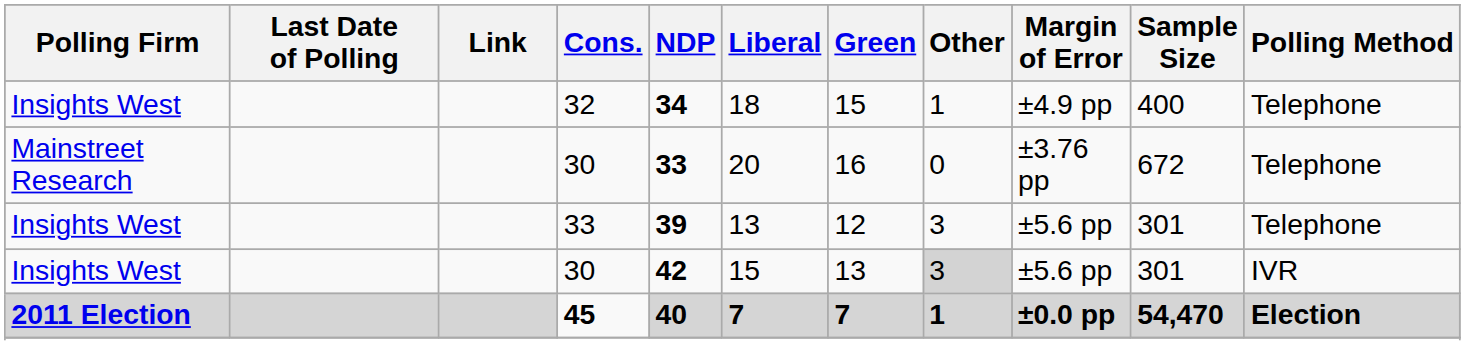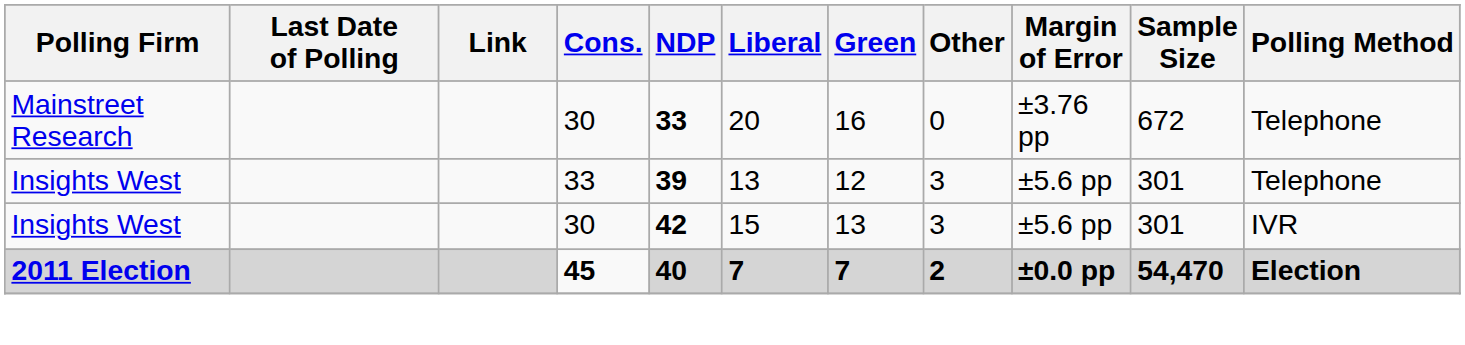 <table class="wikitable sortable">
 <tr style="background:#e9e9e9;">
 <th style="width:120px">Polling Firm</th>
 <th style="width:110px">Last Date<br>of Polling</th>
 <th style="width:60px" class="unsortable">Link</th>
 <th style="background-color:"><strong><a href='#'>Cons.</a></strong></th>
 <th style="background-color:"><strong><a href='#'>NDP</a></strong></th>
 <th style="background-color:"><strong><a href='#'>Liberal</a></strong></th>
 <th style="background-color:"><strong><a href='#'>Green</a></strong></th>
 <th style="background-color:"><strong>Other</strong></th>
 <th style="width:60px;" class=unsortable>Margin<br>of Error</th>
 <th style="width:50px;" class=unsortable>Sample<br>Size</th>
 <th class=unsortable>Polling Method</th>
-</tr>
-<tr>
-<td><a href='#'>Insights West</a></td>
-<td></td>
-<td></td>
-<td>32</td>
-<td><strong>34</strong></td>
-<td>18</td>
-<td>15</td>
-<td>1</td>
-<td>±4.9 pp</td>
-<td>400</td>
-<td>Telephone</td>
 </tr>
 <tr>
 <td><a href='#'>Mainstreet Research</a></td>
 <td></td>
 <td></td>
 <td>30</td>
 <td><strong>33</strong></td>
 <td>20</td>
 <td>16</td>
 <td>0</td>
 <td>±3.76 pp</td>
 <td>672</td>
 <td>Telephone</td>
 </tr>
 <tr>
 <td><a href='#'>Insights West</a></td>
 <td></td>
 <td></td>
 <td>33</td>
 <td><strong>39</strong></td>
 <td>13</td>
 <td>12</td>
 <td>3</td>
 <td>±5.6 pp</td>
 <td>301</td>
 <td>Telephone</td>
 </tr>
 <tr>
 <td><a href='#'>Insights West</a></td>
 <td></td>
 <td></td>
 <td>30</td>
 <td><strong>42</strong></td>
 <td>15</td>
 <td>13</td>
-<td style="background: lightgrey;">3</td>
+<td>3</td>
 <td>±5.6 pp</td>
 <td>301</td>
 <td>IVR</td>
 </tr>
 <tr>
 <td style="background:#D5D5D5"><strong><a href='#'>2011 Election</a></strong></td>
 <td style="background:#D5D5D5"><strong></strong></td>
 <td style="background:#D5D5D5"></td>
 <td><strong>45</strong></td>
 <td style="background:#D5D5D5"><strong>40</strong></td>
 <td style="background:#D5D5D5"><strong>7</strong></td>
 <td style="background:#D5D5D5"><strong>7</strong></td>
-<td style="background:#D5D5D5"><strong>1</strong></td>
+<td style="background:#D5D5D5"><strong>2</strong></td>
 <td style="background:#D5D5D5"><strong>±0.0 pp</strong></td>
 <td style="background:#D5D5D5"><strong>54,470</strong></td>
 <td style="background:#D5D5D5"><strong>Election</strong></td>
 </tr>
 <tr>
 </tr>
 <tr>
 </tr>
 </table>
